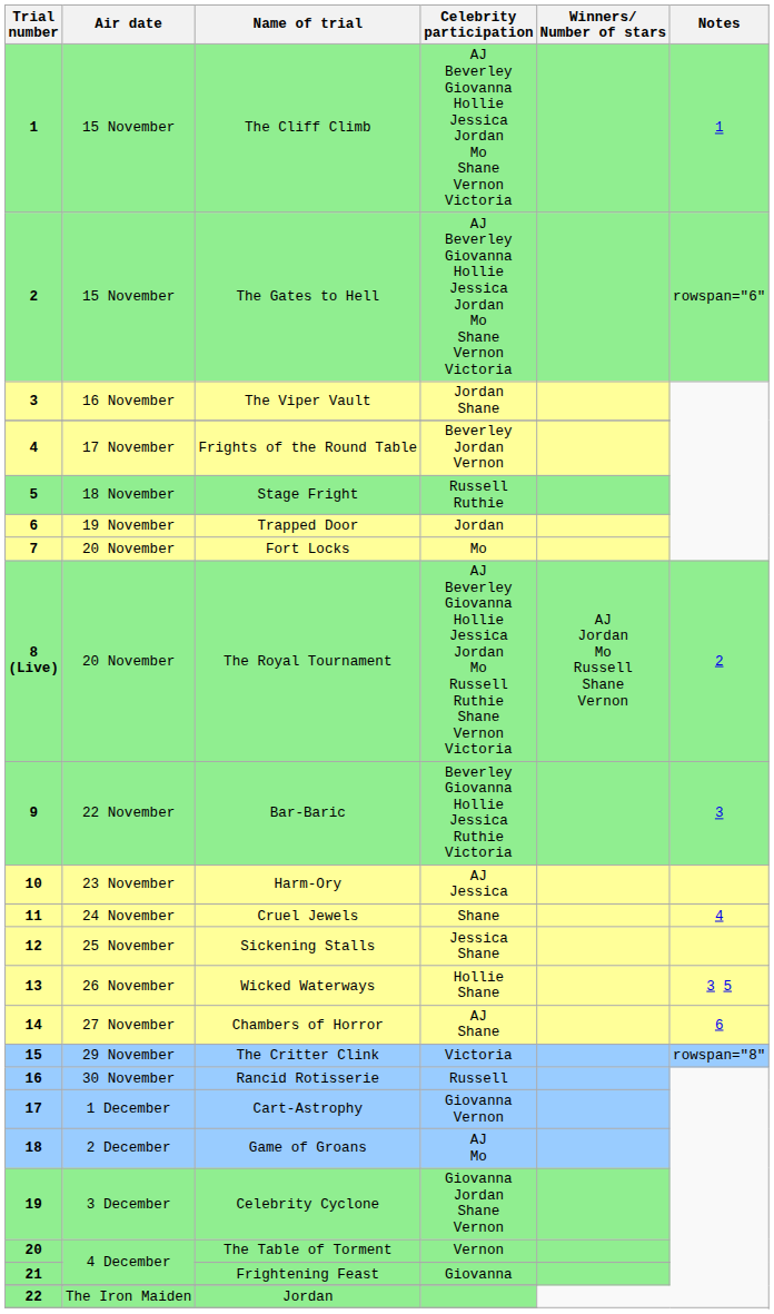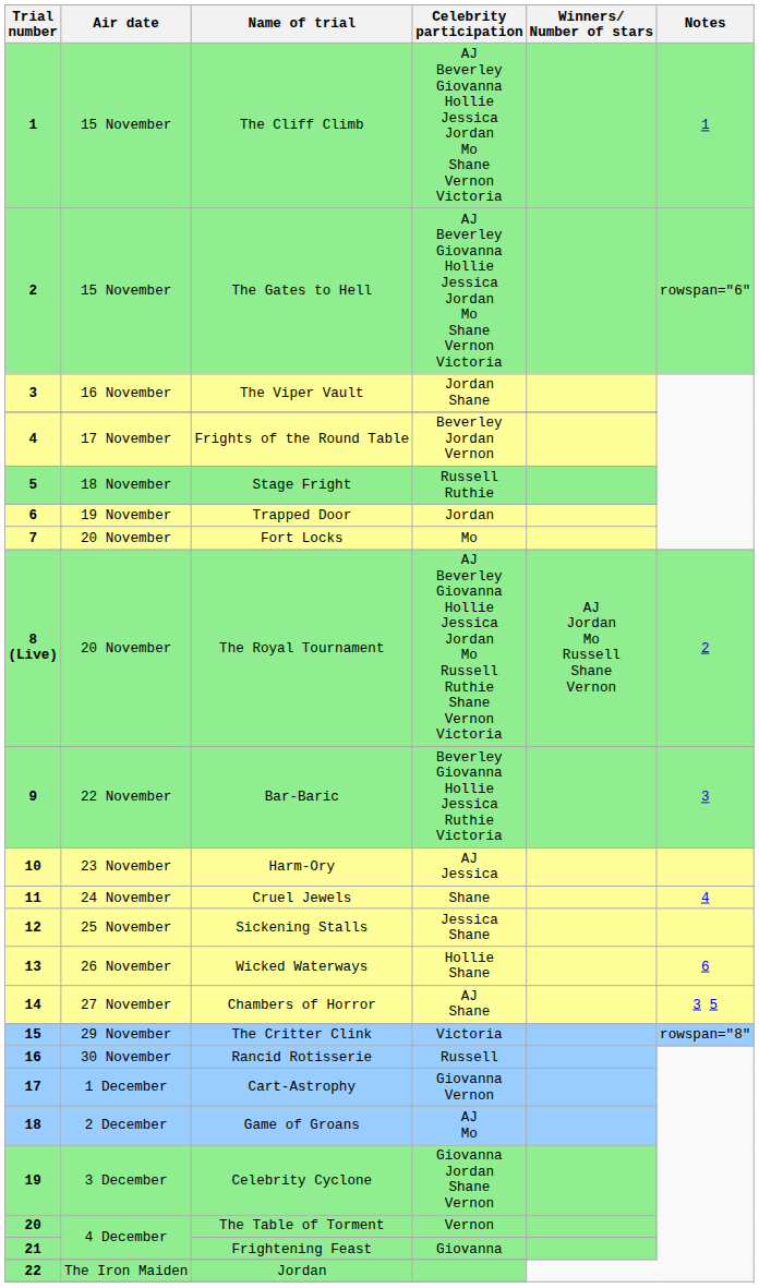 <table class=wikitable style="text-align:center">
 <tr>
 <th scope="col">Trial<br>number</th>
 <th scope="col">Air date</th>
 <th scope="col">Name of trial</th>
 <th scope="col">Celebrity<br>participation</th>
 <th scope="col">Winners/<br>Number of stars</th>
 <th scope="col">Notes</th>
 </tr>
 <tr style="background:lightgreen;">
 <td><strong>1</strong></td>
 <td>15 November</td>
 <td>The Cliff Climb</td>
 <td>AJ<br>Beverley<br>Giovanna<br>Hollie<br>Jessica<br>Jordan<br>Mo<br>Shane<br>Vernon<br>Victoria</td>
 <td></td>
 <td><a href='#'>1</a></td>
 </tr>
 <tr style="background:lightgreen;">
 <td><strong>2</strong></td>
 <td>15 November</td>
 <td>The Gates to Hell</td>
 <td>AJ<br>Beverley<br>Giovanna<br>Hollie<br>Jessica<br>Jordan<br>Mo<br>Shane<br>Vernon<br>Victoria</td>
 <td></td>
 <td>rowspan="6" </td>
 </tr>
 <tr style="background:#ff9;">
 <td><strong>3</strong></td>
 <td>16 November</td>
 <td>The Viper Vault</td>
 <td>Jordan<br>Shane</td>
 <td></td>
 </tr>
 <tr>
 </tr>
 <tr style="background:#ff9;">
 <td><strong>4</strong></td>
 <td>17 November</td>
 <td>Frights of the Round Table</td>
 <td>Beverley<br>Jordan<br>Vernon</td>
 <td></td>
 </tr>
 <tr style="background:lightgreen;">
 <td><strong>5</strong></td>
 <td>18 November</td>
 <td>Stage Fright</td>
 <td>Russell<br>Ruthie</td>
 <td></td>
 </tr>
 <tr style="background:#ff9;">
 <td><strong>6</strong></td>
 <td>19 November</td>
 <td>Trapped Door</td>
 <td>Jordan</td>
 <td></td>
 </tr>
 <tr style="background:#ff9;">
 <td><strong>7</strong></td>
 <td>20 November</td>
 <td>Fort Locks</td>
 <td>Mo</td>
 <td></td>
 </tr>
 <tr style="background:lightgreen;">
 <td><strong>8<br>(Live)</strong></td>
 <td>20 November</td>
 <td>The Royal Tournament</td>
 <td>AJ<br>Beverley<br>Giovanna<br>Hollie<br>Jessica<br>Jordan<br>Mo<br>Russell<br>Ruthie<br>Shane<br>Vernon<br>Victoria</td>
 <td>AJ<br>Jordan<br>Mo<br>Russell<br>Shane<br>Vernon</td>
 <td><a href='#'>2</a></td>
 </tr>
 <tr style="background:lightgreen;">
 <td><strong>9</strong></td>
 <td>22 November</td>
 <td>Bar-Baric</td>
 <td>Beverley<br>Giovanna<br>Hollie<br>Jessica<br>Ruthie<br>Victoria</td>
 <td></td>
 <td><a href='#'>3</a></td>
 </tr>
 <tr style="background:#ff9;">
 <td><strong>10</strong></td>
 <td>23 November</td>
 <td>Harm-Ory</td>
 <td>AJ<br>Jessica</td>
 <td></td>
 <td></td>
 </tr>
 <tr style="background:#ff9;">
 <td><strong>11</strong></td>
 <td>24 November</td>
 <td>Cruel Jewels</td>
 <td>Shane</td>
 <td></td>
 <td><a href='#'>4</a></td>
 </tr>
 <tr style="background:#ff9;">
 <td><strong>12</strong></td>
 <td>25 November</td>
 <td>Sickening Stalls</td>
 <td>Jessica<br>Shane</td>
 <td></td>
 <td></td>
 </tr>
 <tr style="background:#ff9;">
 <td><strong>13</strong></td>
 <td>26 November</td>
 <td>Wicked Waterways</td>
 <td>Hollie<br>Shane</td>
 <td></td>
-<td><a href='#'>3</a> <a href='#'>5</a></td>
+<td><a href='#'>6</a></td>
 </tr>
 <tr style="background:#ff9;">
 <td><strong>14</strong></td>
 <td>27 November</td>
 <td>Chambers of Horror</td>
 <td>AJ<br>Shane</td>
 <td></td>
-<td><a href='#'>6</a></td>
+<td><a href='#'>3</a> <a href='#'>5</a></td>
 </tr>
 <tr style="background:#99CCFF;">
 <td><strong>15</strong></td>
 <td>29 November</td>
 <td>The Critter Clink</td>
 <td>Victoria</td>
 <td></td>
 <td>rowspan="8" </td>
 </tr>
 <tr style="background:#99CCFF;">
 <td><strong>16</strong></td>
 <td>30 November</td>
 <td>Rancid Rotisserie</td>
 <td>Russell</td>
 <td></td>
 </tr>
 <tr style="background:#99CCFF;">
 <td><strong>17</strong></td>
 <td>1 December</td>
 <td>Cart-Astrophy</td>
 <td>Giovanna<br>Vernon</td>
 <td></td>
 </tr>
 <tr style="background:#99CCFF;">
 <td><strong>18</strong></td>
 <td>2 December</td>
 <td>Game of Groans</td>
 <td>AJ<br>Mo</td>
 <td></td>
 </tr>
 <tr style="background:lightgreen;">
 <td><strong>19</strong></td>
 <td>3 December</td>
 <td>Celebrity Cyclone</td>
 <td>Giovanna<br>Jordan<br>Shane<br>Vernon</td>
 <td></td>
 </tr>
 <tr style="background:lightgreen;">
 <td><strong>20</strong></td>
 <td rowspan="3">4 December</td>
 <td>The Table of Torment</td>
 <td>Vernon</td>
 <td></td>
 </tr>
 <tr>
 </tr>
 <tr style="background:lightgreen;">
 <td><strong>21</strong></td>
 <td>Frightening Feast</td>
 <td>Giovanna</td>
 <td></td>
 </tr>
 <tr>
 </tr>
 <tr style="background:lightgreen;">
 <td><strong>22</strong></td>
 <td>The Iron Maiden</td>
 <td>Jordan</td>
 <td></td>
 </tr>
 <tr>
 </tr>
 </table>
